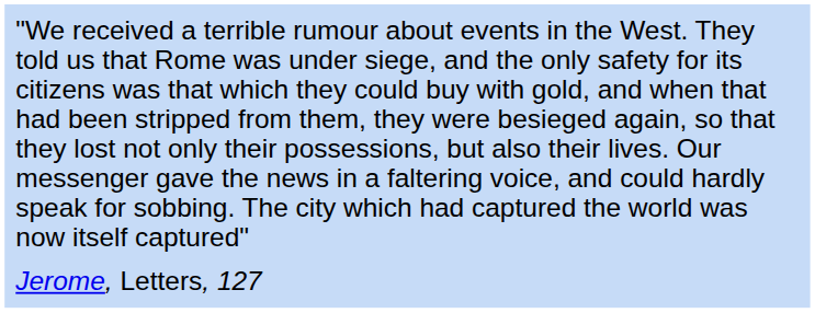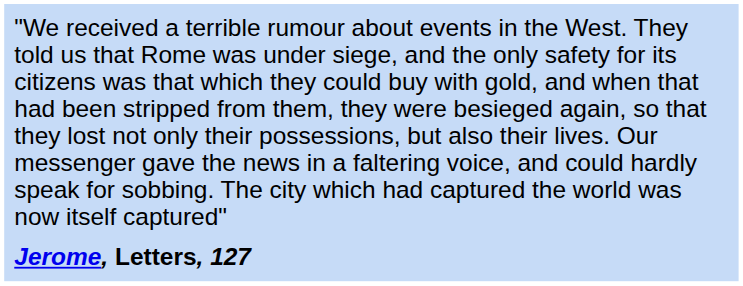 <table class="toccolours" style="float: left; margin-left: 1em; margin-right: 2em; font-size: 85%; background:#c6dbf7; color:black; width:30em; max-width: 40%;" cellspacing="5">
 <tr>
 <td style="text-align: left;">"We received a terrible rumour about events in the West. They told us that Rome was under siege, and the only safety for its citizens was that which they could buy with gold, and when that had been stripped from them, they were besieged again, so that they lost not only their possessions, but also their lives. Our messenger gave the news in a faltering voice, and could hardly speak for sobbing. The city which had captured the world was now itself captured"</td>
 </tr>
 <tr>
-<td style="text-align: left;"><em><a href='#'>Jerome</a>, </em>Letters<em>, 127</em></td>
+<td style="text-align: left;"><strong><em><a href='#'>Jerome</a>, </em>Letters<em>, 127</em></strong></td>
 </tr>
 </table>
